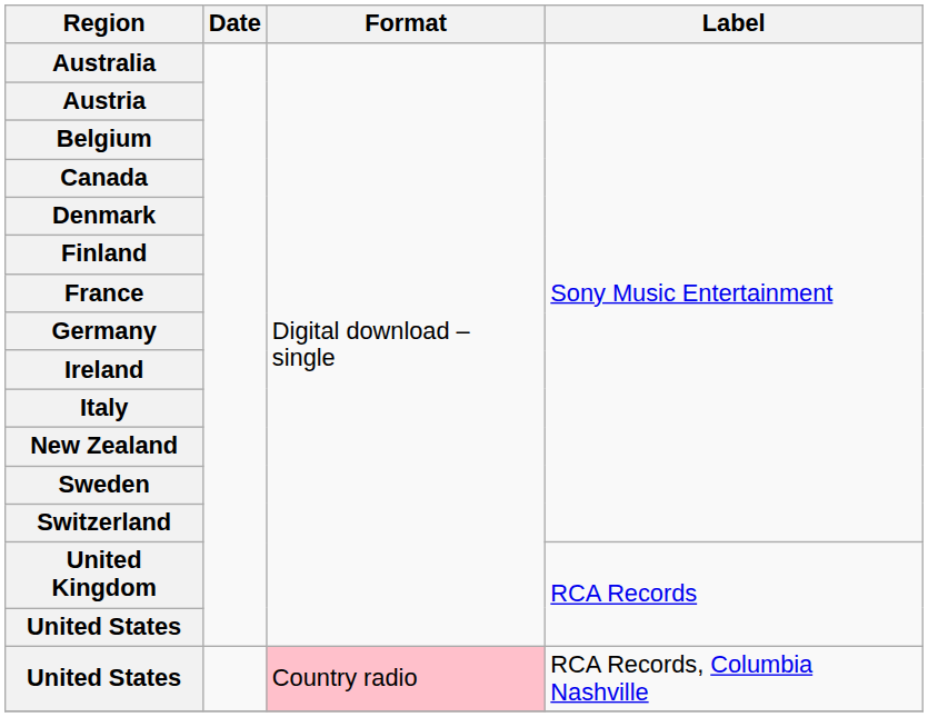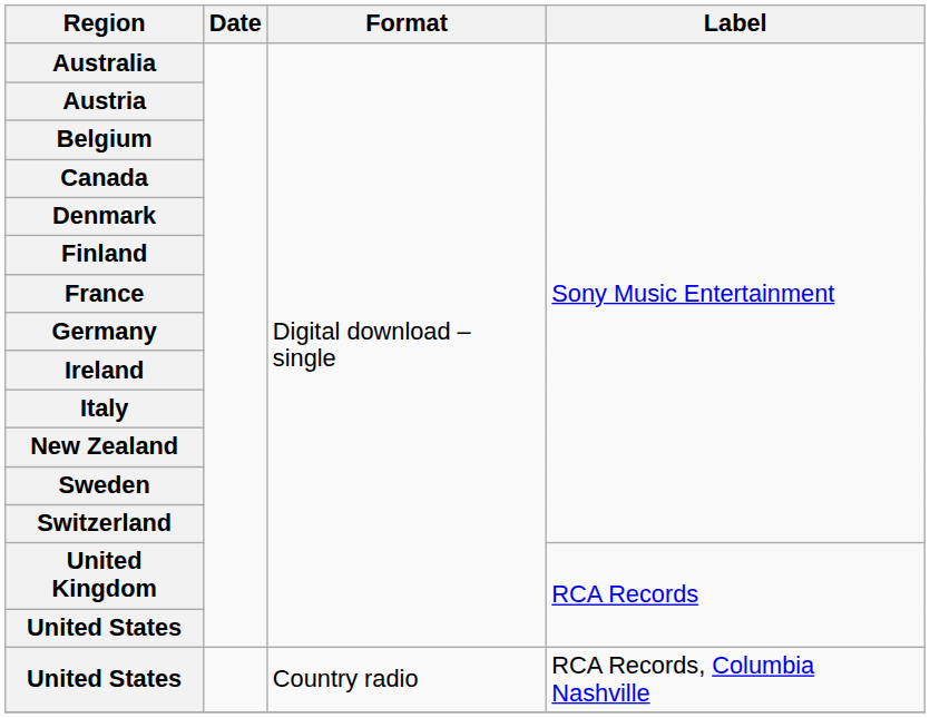 <table class="wikitable plainrowheaders">
 <tr>
 <th scope="col">Region</th>
 <th>Date</th>
 <th>Format</th>
 <th>Label</th>
 </tr>
 <tr>
 <th scope="row">Australia</th>
 <td rowspan="15"></td>
 <td rowspan="15">Digital download – single</td>
 <td rowspan="13"><a href='#'>Sony Music Entertainment</a></td>
 </tr>
 <tr>
 <th scope="row">Austria</th>
 </tr>
 <tr>
 <th scope="row">Belgium</th>
 </tr>
 <tr>
 <th scope="row">Canada</th>
 </tr>
 <tr>
 <th scope="row">Denmark</th>
 </tr>
 <tr>
 <th scope="row">Finland</th>
 </tr>
 <tr>
 <th scope="row">France</th>
 </tr>
 <tr>
 <th scope="row">Germany</th>
 </tr>
 <tr>
 <th scope="row">Ireland</th>
 </tr>
 <tr>
 <th scope="row">Italy</th>
 </tr>
 <tr>
 <th scope="row">New Zealand</th>
 </tr>
 <tr>
 <th scope="row">Sweden</th>
 </tr>
 <tr>
 <th scope="row">Switzerland</th>
 </tr>
 <tr>
 <th scope="row">United Kingdom</th>
 <td rowspan="2"><a href='#'>RCA Records</a></td>
 </tr>
 <tr>
 <th scope="row">United States</th>
 </tr>
 <tr>
 <th scope="row">United States</th>
 <td></td>
-<td style="background: pink;">Country radio</td>
+<td>Country radio</td>
 <td>RCA Records, <a href='#'>Columbia Nashville</a></td>
 </tr>
 <tr>
 </tr>
 </table>
